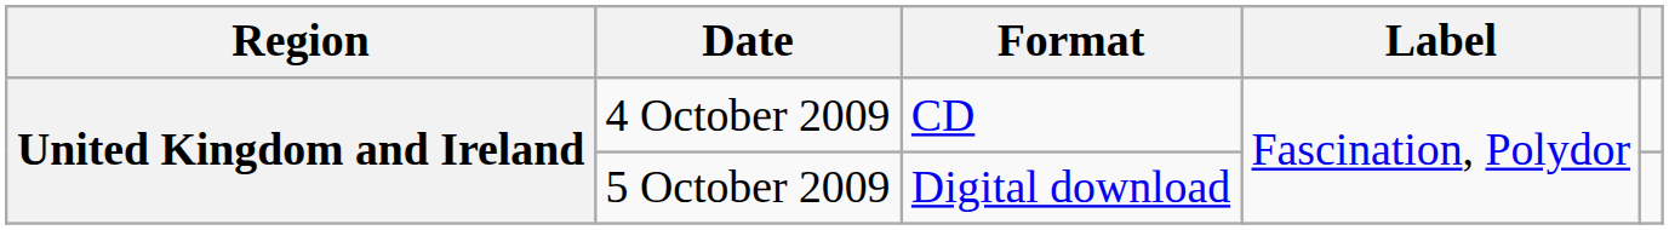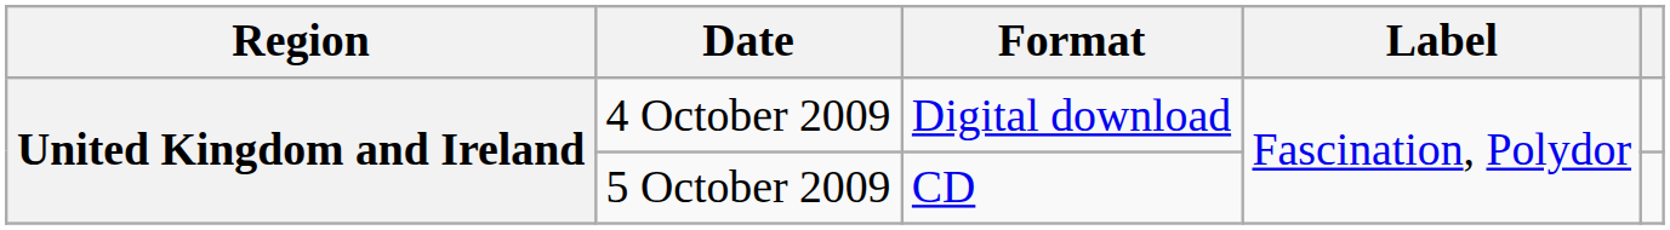 <table class="wikitable plainrowheaders">
 <tr>
 <th>Region</th>
 <th>Date</th>
 <th>Format</th>
 <th>Label</th>
 <th></th>
 </tr>
 <tr>
 <th scope="row" rowspan="2">United Kingdom and Ireland</th>
 <td>4 October 2009</td>
-<td><a href='#'>CD</a></td>
+<td><a href='#'>Digital download</a></td>
 <td rowspan="2"><a href='#'>Fascination</a>, <a href='#'>Polydor</a></td>
 <td></td>
 </tr>
 <tr>
 <td>5 October 2009</td>
-<td><a href='#'>Digital download</a></td>
+<td><a href='#'>CD</a></td>
 <td></td>
 </tr>
 </table>
